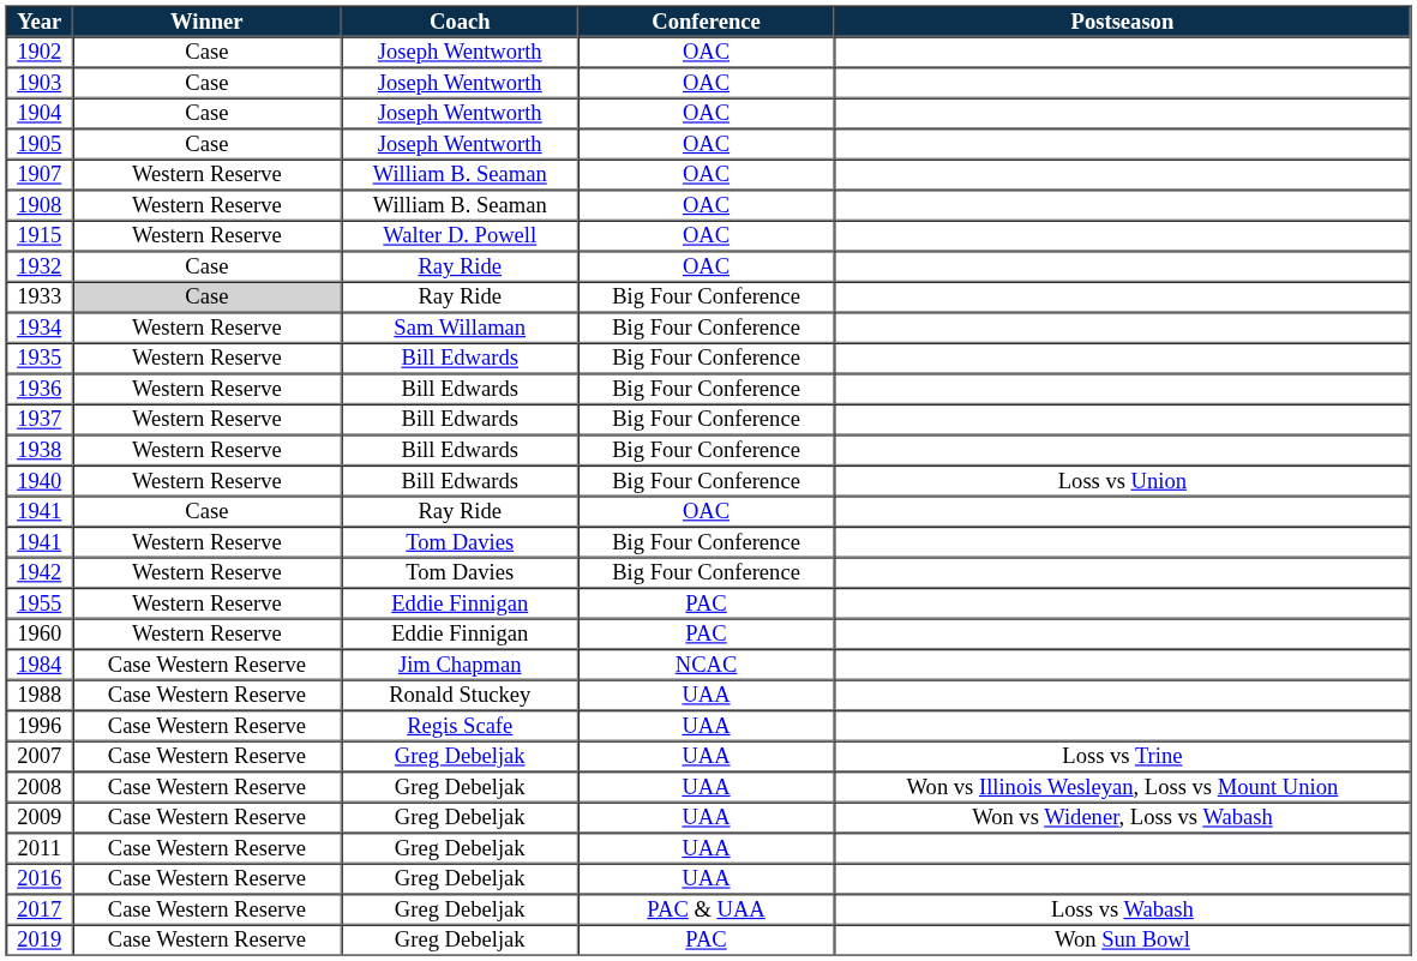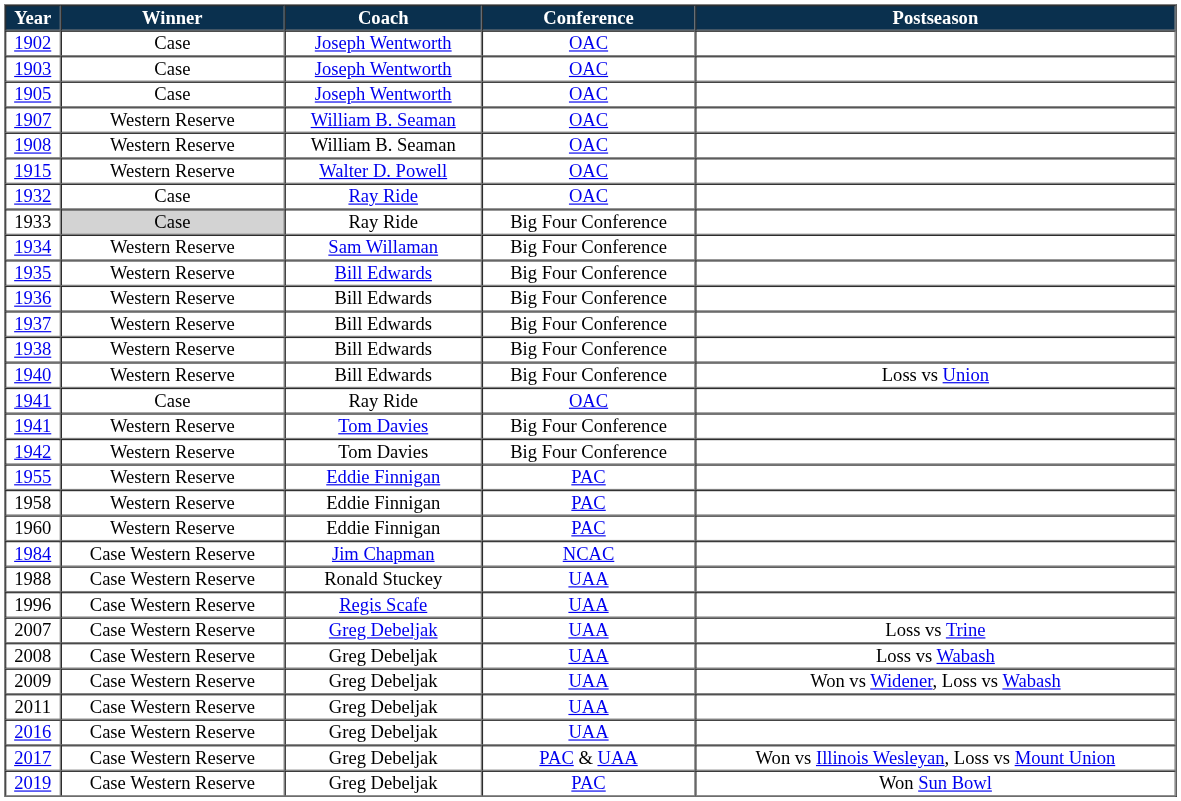 <table bcellpadding="1" border="1" cellspacing="0" style="width:80%;"valign="top">
 <tr>
 <th - style="background:#0A304E; color:white">Year</th>
 <th - style="background:#0A304E; color:white">Winner</th>
 <th - style="background:#0A304E; color:white">Coach</th>
 <th - style="background:#0A304E; color:white">Conference</th>
 <th - style="background:#0A304E; color:white">Postseason</th>
 </tr>
 <tr style="text-align:center;">
 <td><a href='#'>1902</a></td>
 <td>Case</td>
 <td><a href='#'>Joseph Wentworth</a></td>
 <td><a href='#'>OAC</a></td>
 <td></td>
 </tr>
 <tr style="text-align:center;">
 <td><a href='#'>1903</a></td>
-<td>Case</td>
-<td><a href='#'>Joseph Wentworth</a></td>
-<td><a href='#'>OAC</a></td>
-<td></td>
-</tr>
-<tr style="text-align:center;">
-<td><a href='#'>1904</a></td>
 <td>Case</td>
 <td><a href='#'>Joseph Wentworth</a></td>
 <td><a href='#'>OAC</a></td>
 <td></td>
 </tr>
 <tr style="text-align:center;">
 <td><a href='#'>1905</a></td>
 <td>Case</td>
 <td><a href='#'>Joseph Wentworth</a></td>
 <td><a href='#'>OAC</a></td>
 <td></td>
 </tr>
 <tr style="text-align:center;">
 <td><a href='#'>1907</a></td>
 <td>Western Reserve</td>
 <td><a href='#'>William B. Seaman</a></td>
 <td><a href='#'>OAC</a></td>
 <td></td>
 </tr>
 <tr style="text-align:center;">
 <td><a href='#'>1908</a></td>
 <td>Western Reserve</td>
 <td>William B. Seaman</td>
 <td><a href='#'>OAC</a></td>
 <td></td>
 </tr>
 <tr style="text-align:center;">
 <td><a href='#'>1915</a></td>
 <td>Western Reserve</td>
 <td><a href='#'>Walter D. Powell</a></td>
 <td><a href='#'>OAC</a></td>
 <td></td>
 </tr>
 <tr style="text-align:center;">
 <td><a href='#'>1932</a></td>
 <td>Case</td>
 <td><a href='#'>Ray Ride</a></td>
 <td><a href='#'>OAC</a></td>
 <td></td>
 </tr>
 <tr style="text-align:center;">
 <td>1933</td>
 <td style="background: lightgrey;">Case</td>
 <td>Ray Ride</td>
 <td>Big Four Conference</td>
 <td></td>
 </tr>
 <tr style="text-align:center;">
 <td><a href='#'>1934</a></td>
 <td>Western Reserve</td>
 <td><a href='#'>Sam Willaman</a></td>
 <td>Big Four Conference</td>
 <td></td>
 </tr>
 <tr style="text-align:center;">
 <td><a href='#'>1935</a></td>
 <td>Western Reserve</td>
 <td><a href='#'>Bill Edwards</a></td>
 <td>Big Four Conference</td>
 <td></td>
 </tr>
 <tr style="text-align:center;">
 <td><a href='#'>1936</a></td>
 <td>Western Reserve</td>
 <td>Bill Edwards</td>
 <td>Big Four Conference</td>
 <td></td>
 </tr>
 <tr style="text-align:center;">
 <td><a href='#'>1937</a></td>
 <td>Western Reserve</td>
 <td>Bill Edwards</td>
 <td>Big Four Conference</td>
 <td></td>
 </tr>
 <tr style="text-align:center;">
 <td><a href='#'>1938</a></td>
 <td>Western Reserve</td>
 <td>Bill Edwards</td>
 <td>Big Four Conference</td>
 <td></td>
 </tr>
 <tr style="text-align:center;">
 <td><a href='#'>1940</a></td>
 <td>Western Reserve</td>
 <td>Bill Edwards</td>
 <td>Big Four Conference</td>
 <td>Loss vs <a href='#'>Union</a></td>
 </tr>
 <tr style="text-align:center;">
 <td><a href='#'>1941</a></td>
 <td>Case</td>
 <td>Ray Ride</td>
 <td><a href='#'>OAC</a></td>
 <td></td>
 </tr>
 <tr style="text-align:center;">
 <td><a href='#'>1941</a></td>
 <td>Western Reserve</td>
 <td><a href='#'>Tom Davies</a></td>
 <td>Big Four Conference</td>
 <td></td>
 </tr>
 <tr style="text-align:center;">
 <td><a href='#'>1942</a></td>
 <td>Western Reserve</td>
 <td>Tom Davies</td>
 <td>Big Four Conference</td>
 <td></td>
 </tr>
 <tr style="text-align:center;">
 <td><a href='#'>1955</a></td>
 <td>Western Reserve</td>
 <td><a href='#'>Eddie Finnigan</a></td>
 <td><a href='#'>PAC</a></td>
 <td></td>
 </tr>
 <tr style="text-align:center;">
+<td>1958</td>
+<td>Western Reserve</td>
+<td>Eddie Finnigan</td>
+<td><a href='#'>PAC</a></td>
+<td></td>
+</tr>
+<tr style="text-align:center;">
 <td>1960</td>
 <td>Western Reserve</td>
 <td>Eddie Finnigan</td>
 <td><a href='#'>PAC</a></td>
 <td></td>
 </tr>
 <tr style="text-align:center;">
 <td><a href='#'>1984</a></td>
 <td>Case Western Reserve</td>
 <td><a href='#'>Jim Chapman</a></td>
 <td><a href='#'>NCAC</a></td>
 <td></td>
 </tr>
 <tr style="text-align:center;">
 <td>1988</td>
 <td>Case Western Reserve</td>
 <td>Ronald Stuckey</td>
 <td><a href='#'>UAA</a></td>
 <td></td>
 </tr>
 <tr style="text-align:center;">
 <td>1996</td>
 <td>Case Western Reserve</td>
 <td><a href='#'>Regis Scafe</a></td>
 <td><a href='#'>UAA</a></td>
 <td></td>
 </tr>
 <tr style="text-align:center;">
 <td>2007</td>
 <td>Case Western Reserve</td>
 <td><a href='#'>Greg Debeljak</a></td>
 <td><a href='#'>UAA</a></td>
 <td>Loss vs <a href='#'>Trine</a></td>
 </tr>
 <tr style="text-align:center;">
 <td>2008</td>
 <td>Case Western Reserve</td>
 <td>Greg Debeljak</td>
 <td><a href='#'>UAA</a></td>
-<td>Won vs <a href='#'>Illinois Wesleyan</a>, Loss vs <a href='#'>Mount Union</a></td>
+<td>Loss vs <a href='#'>Wabash</a></td>
 </tr>
 <tr style="text-align:center;">
 <td>2009</td>
 <td>Case Western Reserve</td>
 <td>Greg Debeljak</td>
 <td><a href='#'>UAA</a></td>
 <td>Won vs <a href='#'>Widener</a>, Loss vs <a href='#'>Wabash</a></td>
 </tr>
 <tr style="text-align:center;">
 <td>2011</td>
 <td>Case Western Reserve</td>
 <td>Greg Debeljak</td>
 <td><a href='#'>UAA</a></td>
 <td></td>
 </tr>
 <tr style="text-align:center;">
 <td><a href='#'>2016</a></td>
 <td>Case Western Reserve</td>
 <td>Greg Debeljak</td>
 <td><a href='#'>UAA</a></td>
 <td></td>
 </tr>
 <tr style="text-align:center;">
 <td><a href='#'>2017</a></td>
 <td>Case Western Reserve</td>
 <td>Greg Debeljak</td>
 <td><a href='#'>PAC</a> & <a href='#'>UAA</a></td>
-<td>Loss vs <a href='#'>Wabash</a></td>
+<td>Won vs <a href='#'>Illinois Wesleyan</a>, Loss vs <a href='#'>Mount Union</a></td>
 </tr>
 <tr style="text-align:center;">
 <td><a href='#'>2019</a></td>
 <td>Case Western Reserve</td>
 <td>Greg Debeljak</td>
 <td><a href='#'>PAC</a></td>
 <td>Won <a href='#'>Sun Bowl</a></td>
 </tr>
 <tr style="text-align:center;">
 </tr>
 </table>
